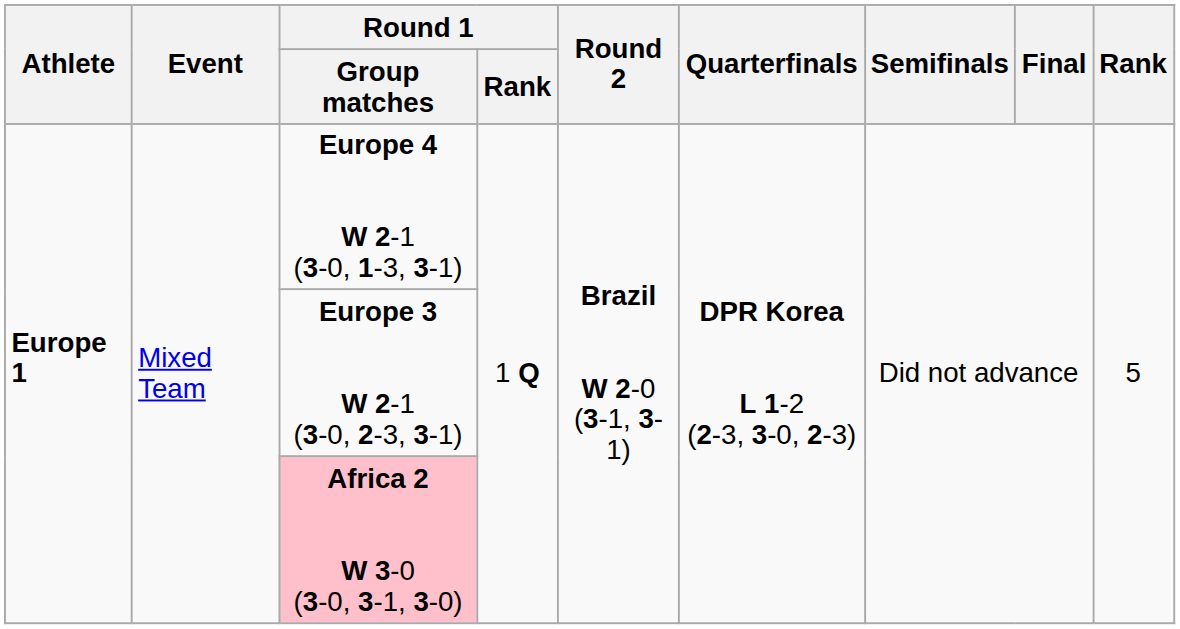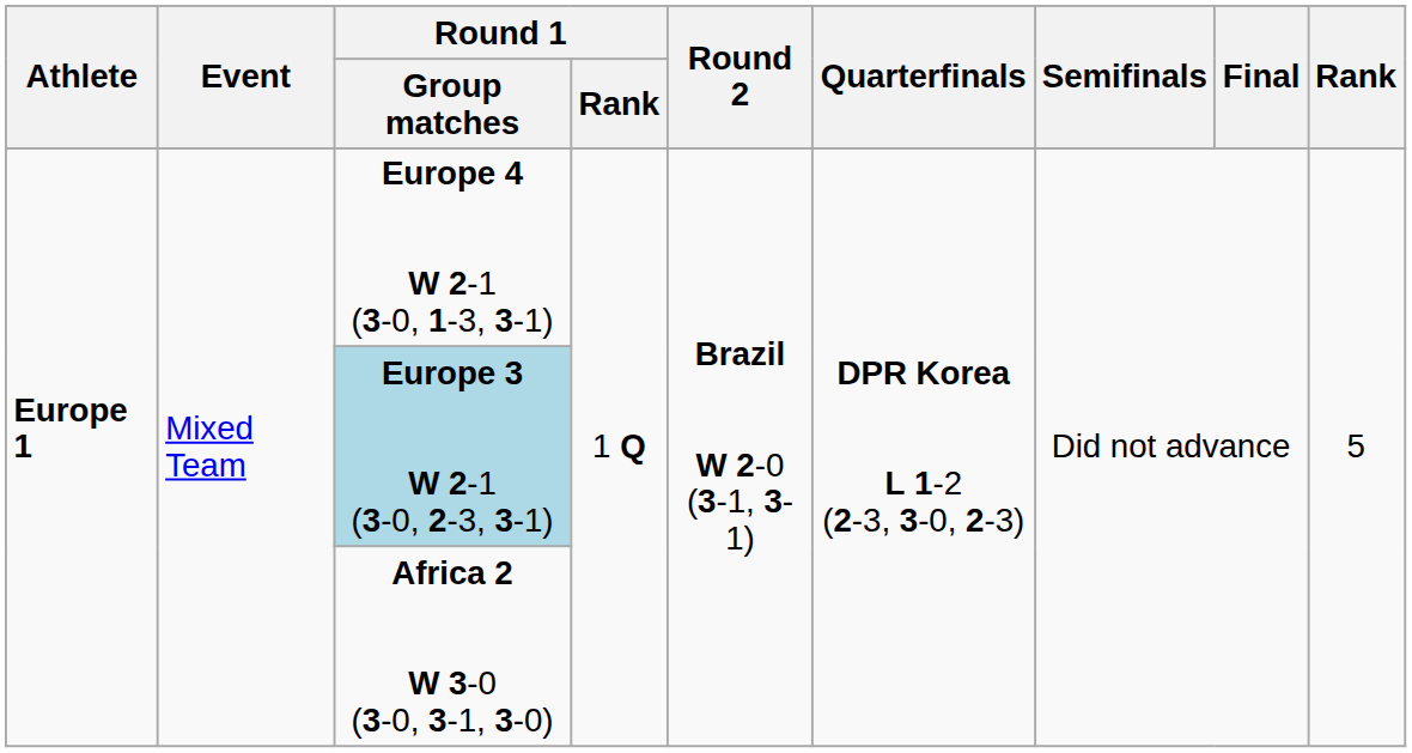 <table class="wikitable" border="1" style="font-size:90%">
 <tr>
 <th rowspan=2>Athlete</th>
 <th rowspan=2>Event</th>
 <th colspan=2>Round 1</th>
 <th rowspan=2>Round 2</th>
 <th rowspan=2>Quarterfinals</th>
 <th rowspan=2>Semifinals</th>
 <th rowspan=2>Final</th>
 <th rowspan=2>Rank</th>
 </tr>
 <tr>
 <th>Group matches</th>
 <th>Rank</th>
 </tr>
 <tr>
 <td rowspan=3><strong>Europe 1</strong><br><br></td>
 <td rowspan=3><a href='#'>Mixed Team</a></td>
 <td align=center><strong>Europe 4</strong><br><br><br> <strong>W</strong> <strong>2</strong>-1 <br> (<strong>3</strong>-0, <strong>1</strong>-3, <strong>3</strong>-1)</td>
 <td rowspan=3 align=center>1 <strong>Q</strong></td>
 <td align=center rowspan=3><strong>Brazil</strong><br><br><br> <strong>W</strong> <strong>2</strong>-0 <br> (<strong>3</strong>-1, <strong>3</strong>-1)</td>
 <td align=center rowspan=3><strong>DPR Korea</strong><br><br><br> <strong>L</strong> <strong>1</strong>-2 <br> (<strong>2</strong>-3, <strong>3</strong>-0, <strong>2</strong>-3)</td>
 <td rowspan=3 colspan=2 align=center>Did not advance</td>
 <td rowspan=3 align=center>5</td>
 </tr>
 <tr>
-<td align=center><strong>Europe 3</strong><br><br><br> <strong>W</strong> <strong>2</strong>-1 <br> (<strong>3</strong>-0, <strong>2</strong>-3, <strong>3</strong>-1)</td>
+<td align=center style="background: lightblue;"><strong>Europe 3</strong><br><br><br> <strong>W</strong> <strong>2</strong>-1 <br> (<strong>3</strong>-0, <strong>2</strong>-3, <strong>3</strong>-1)</td>
 </tr>
 <tr>
-<td align=center style="background: pink;"><strong>Africa 2</strong><br><br><br> <strong>W</strong> <strong>3</strong>-0 <br> (<strong>3</strong>-0, <strong>3</strong>-1, <strong>3</strong>-0)</td>
+<td align=center><strong>Africa 2</strong><br><br><br> <strong>W</strong> <strong>3</strong>-0 <br> (<strong>3</strong>-0, <strong>3</strong>-1, <strong>3</strong>-0)</td>
 </tr>
 </table>
